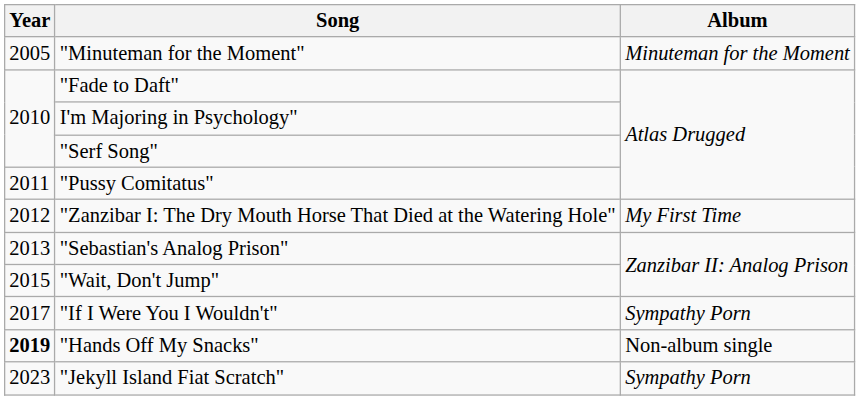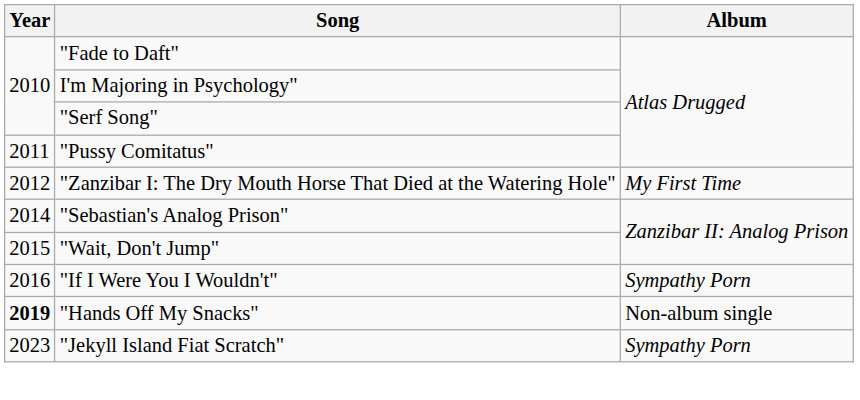 <table class="wikitable">
 <tr>
 <th>Year</th>
 <th>Song</th>
 <th>Album</th>
-</tr>
-<tr>
-<td>2005</td>
-<td>"Minuteman for the Moment"</td>
-<td><em>Minuteman for the Moment</em></td>
 </tr>
 <tr>
 <td rowspan="3">2010</td>
 <td>"Fade to Daft"</td>
 <td rowspan="4"><em>Atlas Drugged</em></td>
 </tr>
 <tr>
 <td>I'm Majoring in Psychology"</td>
 </tr>
 <tr>
 <td>"Serf Song"</td>
 </tr>
 <tr>
 <td>2011</td>
 <td>"Pussy Comitatus"</td>
 </tr>
 <tr>
 <td>2012</td>
 <td>"Zanzibar I: The Dry Mouth Horse That Died at the Watering Hole"</td>
 <td><em>My First Time</em></td>
 </tr>
 <tr>
-<td>2013</td>
+<td>2014</td>
 <td>"Sebastian's Analog Prison"</td>
 <td rowspan="2"><em>Zanzibar II: Analog Prison</em></td>
 </tr>
 <tr>
 <td>2015</td>
 <td>"Wait, Don't Jump"</td>
 </tr>
 <tr>
-<td>2017</td>
+<td>2016</td>
 <td>"If I Were You I Wouldn't"</td>
 <td><em>Sympathy Porn</em></td>
 </tr>
 <tr>
 <td><strong>2019</strong></td>
 <td>"Hands Off My Snacks"</td>
 <td>Non-album single</td>
 </tr>
 <tr>
 <td>2023</td>
 <td>"Jekyll Island Fiat Scratch"</td>
 <td><em>Sympathy Porn</em></td>
 </tr>
 </table>
